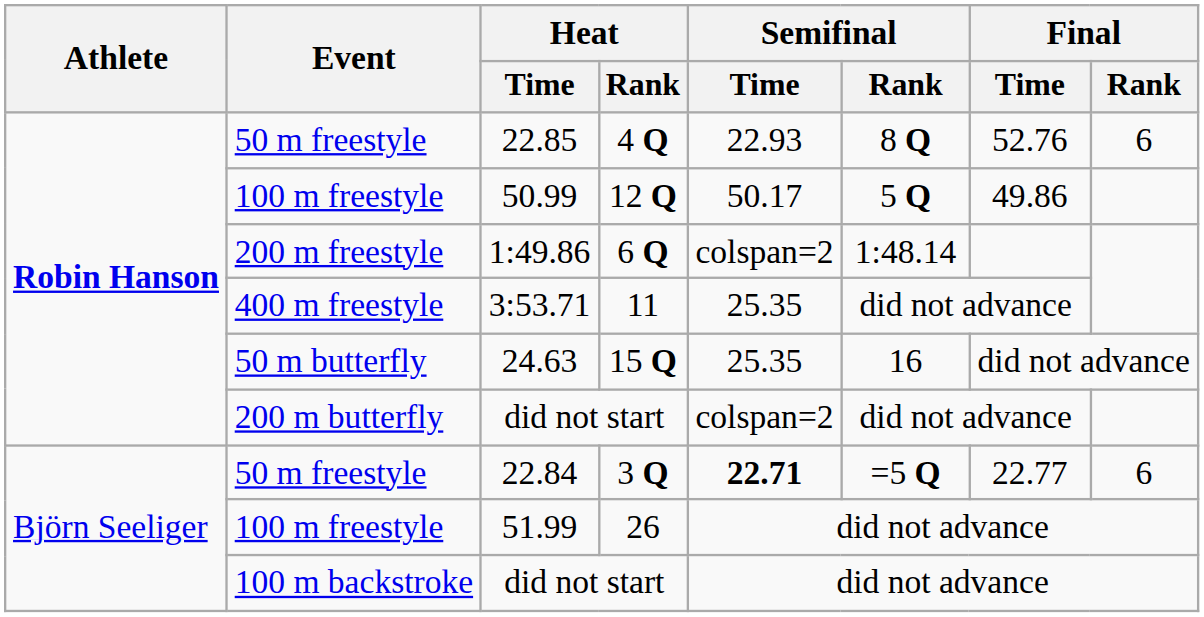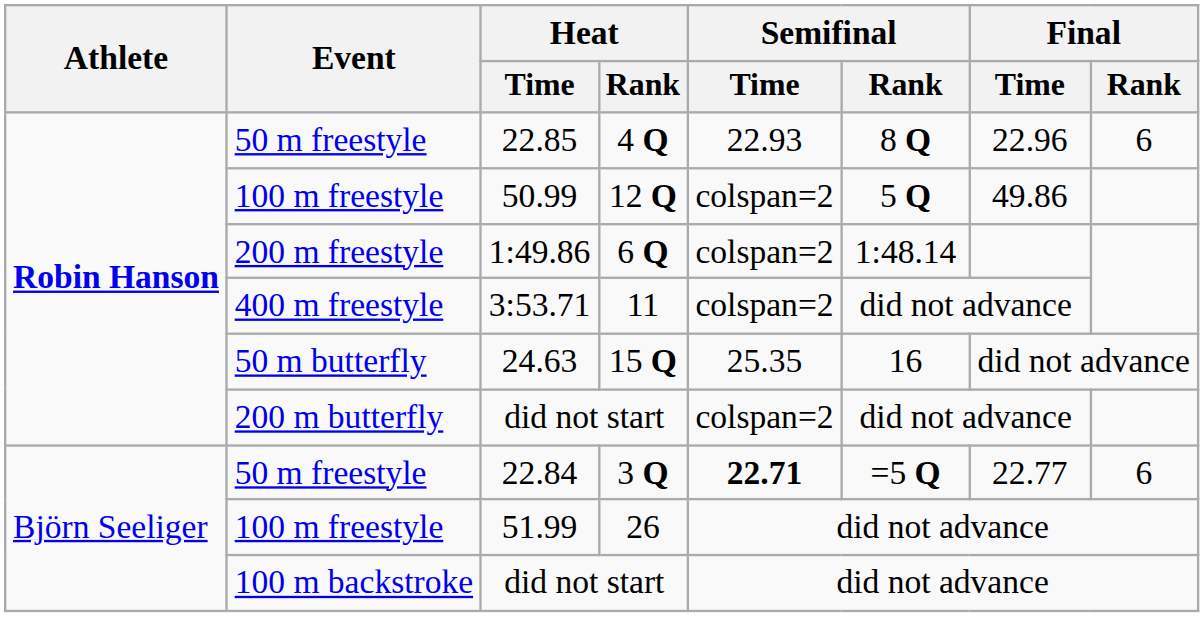 <table class=wikitable style=font-size:90%>
 <tr>
 <th rowspan=2>Athlete</th>
 <th rowspan=2>Event</th>
 <th colspan=2>Heat</th>
 <th colspan=2>Semifinal</th>
 <th colspan=2>Final</th>
 </tr>
 <tr style=font-size:95%>
 <th>Time</th>
 <th>Rank</th>
 <th>Time</th>
 <th>Rank</th>
 <th>Time</th>
 <th>Rank</th>
 </tr>
 <tr align=center>
 <td align=left rowspan=6><strong><a href='#'>Robin Hanson</a></strong></td>
 <td align=left><a href='#'>50 m freestyle</a></td>
 <td>22.85</td>
 <td>4 <strong>Q</strong></td>
 <td>22.93</td>
 <td>8 <strong>Q</strong></td>
-<td>52.76</td>
+<td>22.96</td>
 <td>6</td>
 </tr>
 <tr align=center>
 <td align=left><a href='#'>100 m freestyle</a></td>
 <td>50.99</td>
 <td>12 <strong>Q</strong></td>
-<td>50.17</td>
+<td>colspan=2 </td>
 <td>5 <strong>Q</strong></td>
 <td>49.86</td>
 <td></td>
 </tr>
 <tr align=center>
 <td align=left><a href='#'>200 m freestyle</a></td>
 <td>1:49.86</td>
 <td>6 <strong>Q</strong></td>
 <td>colspan=2 </td>
 <td>1:48.14</td>
 <td></td>
 </tr>
 <tr align=center>
 <td align=left><a href='#'>400 m freestyle</a></td>
 <td>3:53.71</td>
 <td>11</td>
-<td>25.35</td>
+<td>colspan=2 </td>
 <td colspan=2>did not advance</td>
 </tr>
 <tr align=center>
 <td align=left><a href='#'>50 m butterfly</a></td>
 <td>24.63</td>
 <td>15 <strong>Q</strong></td>
 <td>25.35</td>
 <td>16</td>
 <td colspan=2>did not advance</td>
 </tr>
 <tr align=center>
 <td align=left><a href='#'>200 m butterfly</a></td>
 <td colspan=2>did not start</td>
 <td>colspan=2 </td>
 <td colspan=2>did not advance</td>
 </tr>
 <tr align=center>
 <td align=left rowspan=3><a href='#'>Björn Seeliger</a></td>
 <td align=left><a href='#'>50 m freestyle</a></td>
 <td>22.84</td>
 <td>3 <strong>Q</strong></td>
 <td><strong>22.71</strong></td>
 <td>=5 <strong>Q</strong></td>
 <td>22.77</td>
 <td>6</td>
 </tr>
 <tr align=center>
 <td align=left><a href='#'>100 m freestyle</a></td>
 <td>51.99</td>
 <td>26</td>
 <td colspan=4>did not advance</td>
 </tr>
 <tr align=center>
 <td align=left><a href='#'>100 m backstroke</a></td>
 <td colspan=2>did not start</td>
 <td colspan=4>did not advance</td>
 </tr>
 </table>
